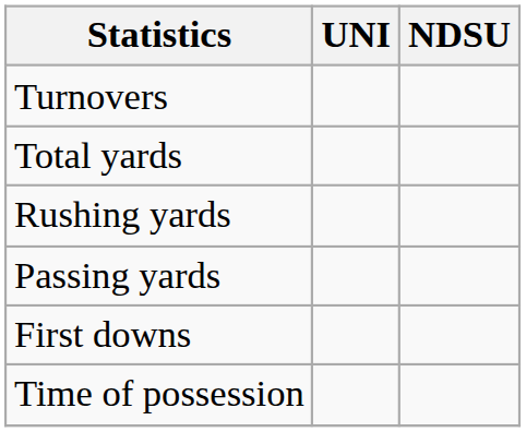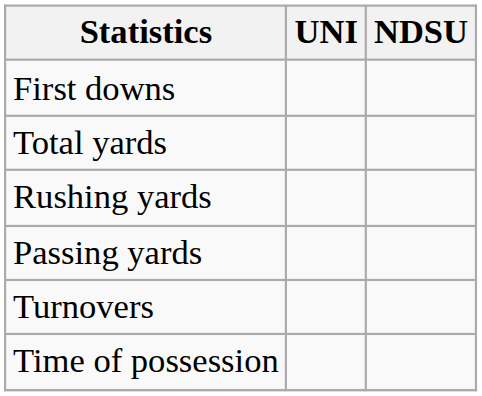 <table class="wikitable" style="float: left;">
 <tr>
 <th>Statistics</th>
 <th>UNI</th>
 <th>NDSU</th>
 </tr>
 <tr>
-<td>Turnovers</td>
+<td>First downs</td>
 <td></td>
 <td></td>
 </tr>
 <tr>
 <td>Total yards</td>
 <td></td>
 <td></td>
 </tr>
 <tr>
 <td>Rushing yards</td>
 <td></td>
 <td></td>
 </tr>
 <tr>
 <td>Passing yards</td>
 <td></td>
 <td></td>
 </tr>
 <tr>
-<td>First downs</td>
+<td>Turnovers</td>
 <td></td>
 <td></td>
 </tr>
 <tr>
 <td>Time of possession</td>
 <td></td>
 <td></td>
 </tr>
 <tr>
 </tr>
 </table>
